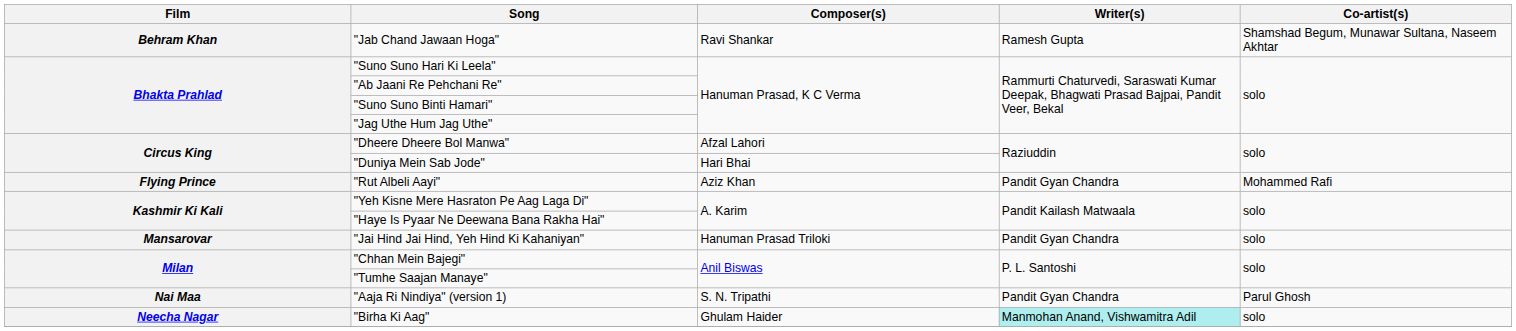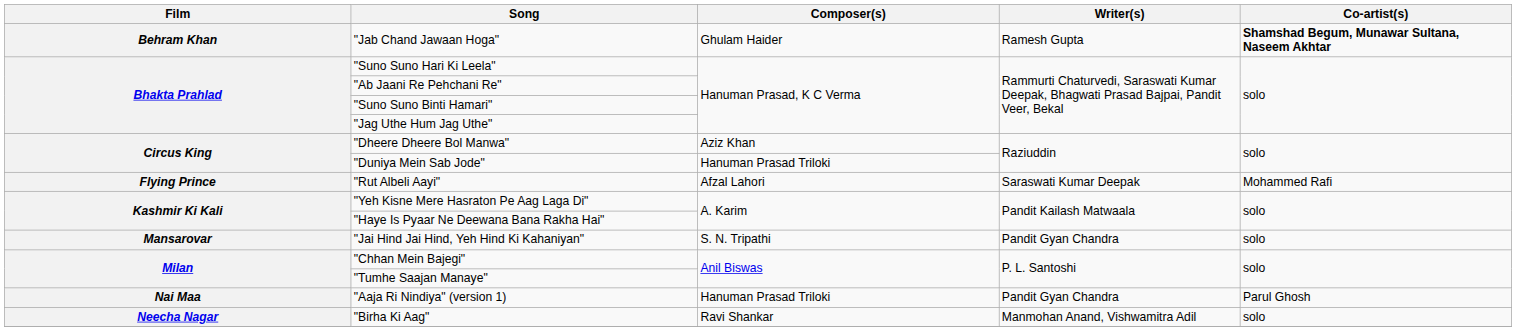 <table class="wikitable plainrowheaders" width="100%" textcolor:#000;">
 <tr style="background:#b0e0e66;">
 <th scope="col" width=23%><strong>Film</strong></th>
 <th scope="col" width=23%><strong>Song</strong></th>
 <th scope="col" width=20%><strong>Composer(s)</strong></th>
 <th scope="col" width=16%><strong>Writer(s)</strong></th>
 <th scope="col" width=18%><strong>Co-artist(s)</strong></th>
 </tr>
 <tr>
 <th><em>Behram Khan</em></th>
 <td>"Jab Chand Jawaan Hoga"</td>
-<td>Ravi Shankar</td>
+<td>Ghulam Haider</td>
 <td Rowspan=>Ramesh Gupta</td>
-<td>Shamshad Begum, Munawar Sultana, Naseem Akhtar</td>
+<td><strong>Shamshad Begum, Munawar Sultana, Naseem Akhtar</strong></td>
 </tr>
 <tr>
 <th rowspan=4><em><a href='#'>Bhakta Prahlad</a></em></th>
 <td>"Suno Suno Hari Ki Leela"</td>
 <td rowspan=4>Hanuman Prasad, K C Verma</td>
 <td rowspan=4>Rammurti Chaturvedi, Saraswati Kumar Deepak, Bhagwati Prasad Bajpai, Pandit Veer, Bekal</td>
 <td rowspan=4>solo</td>
 </tr>
 <tr>
 <td>"Ab Jaani Re Pehchani Re"</td>
 </tr>
 <tr>
 <td>"Suno Suno Binti Hamari"</td>
 </tr>
 <tr>
 <td>"Jag Uthe Hum Jag Uthe"</td>
 </tr>
 <tr>
 <th Rowspan=2><em>Circus King</em></th>
 <td>"Dheere Dheere Bol Manwa"</td>
-<td>Afzal Lahori</td>
+<td>Aziz Khan</td>
 <td rowspan=2>Raziuddin</td>
 <td rowspan=2>solo</td>
 </tr>
 <tr>
 <td>"Duniya Mein Sab Jode"</td>
-<td>Hari Bhai</td>
+<td rowspan=>Hanuman Prasad Triloki</td>
 </tr>
 <tr>
 <th><em>Flying Prince</em></th>
 <td>"Rut Albeli Aayi"</td>
-<td>Aziz Khan</td>
-<td>Pandit Gyan Chandra</td>
+<td>Afzal Lahori</td>
+<td>Saraswati Kumar Deepak</td>
 <td>Mohammed Rafi</td>
 </tr>
 <tr>
 <th Rowspan=2><em>Kashmir Ki Kali</em></th>
 <td>"Yeh Kisne Mere Hasraton Pe Aag Laga Di"</td>
 <td rowspan=2>A. Karim</td>
 <td rowspan=2>Pandit Kailash Matwaala</td>
 <td rowspan=2>solo</td>
 </tr>
 <tr>
 <td>"Haye Is Pyaar Ne Deewana Bana Rakha Hai"</td>
 </tr>
 <tr>
 <th><em>Mansarovar</em></th>
 <td>"Jai Hind Jai Hind, Yeh Hind Ki Kahaniyan"</td>
-<td rowspan=>Hanuman Prasad Triloki</td>
+<td>S. N. Tripathi</td>
 <td>Pandit Gyan Chandra</td>
 <td>solo</td>
 </tr>
 <tr>
 <th Rowspan=2><em><a href='#'>Milan</a></em></th>
 <td>"Chhan Mein Bajegi"</td>
 <td rowspan=2><a href='#'>Anil Biswas</a></td>
 <td Rowspan=2>P. L. Santoshi</td>
 <td rowspan=2>solo</td>
 </tr>
 <tr>
 <td>"Tumhe Saajan Manaye"</td>
 </tr>
 <tr>
 <th Rowspan=1><em>Nai Maa</em></th>
 <td>"Aaja Ri Nindiya" (version 1)</td>
-<td>S. N. Tripathi</td>
+<td rowspan=>Hanuman Prasad Triloki</td>
 <td>Pandit Gyan Chandra</td>
 <td Rowspan=>Parul Ghosh</td>
 </tr>
 <tr>
 <th><em><a href='#'>Neecha Nagar</a></em></th>
 <td>"Birha Ki Aag"</td>
-<td>Ghulam Haider</td>
-<td style="background: paleturquoise;">Manmohan Anand, Vishwamitra Adil</td>
+<td>Ravi Shankar</td>
+<td>Manmohan Anand, Vishwamitra Adil</td>
 <td>solo</td>
 </tr>
 <tr>
 </tr>
 </table>
